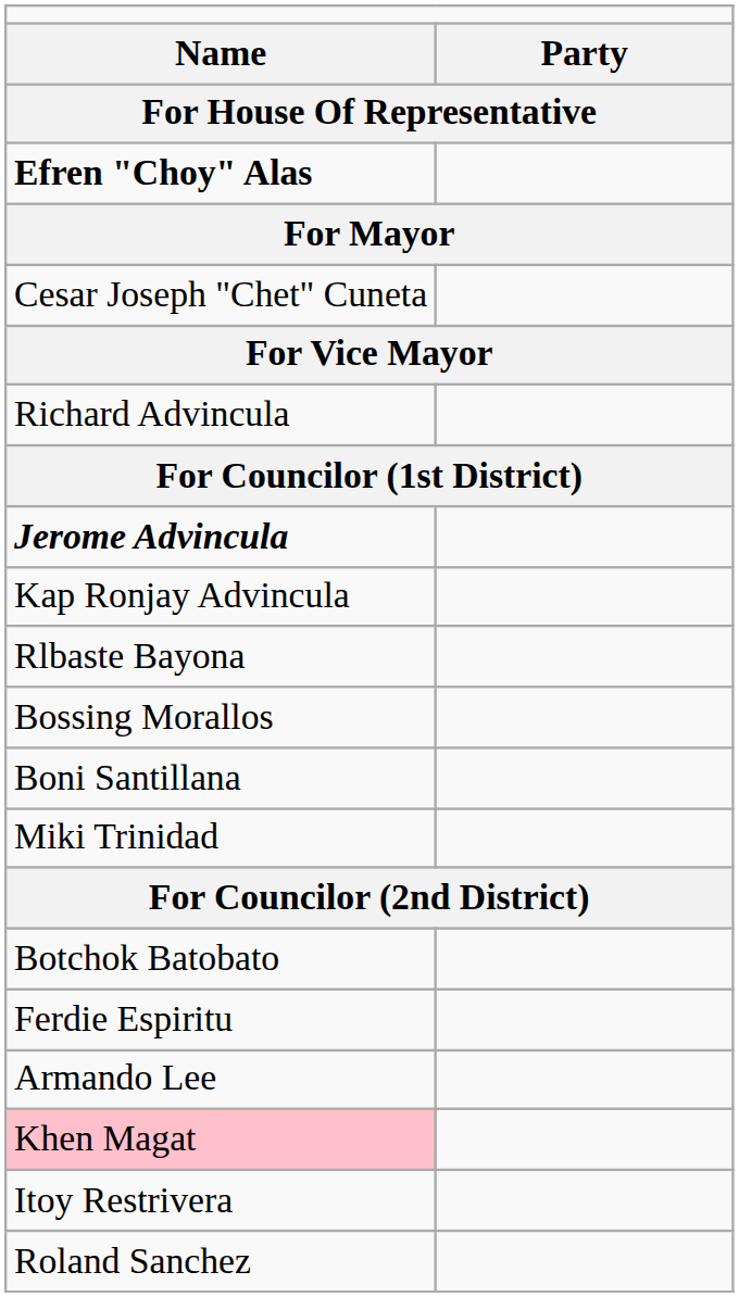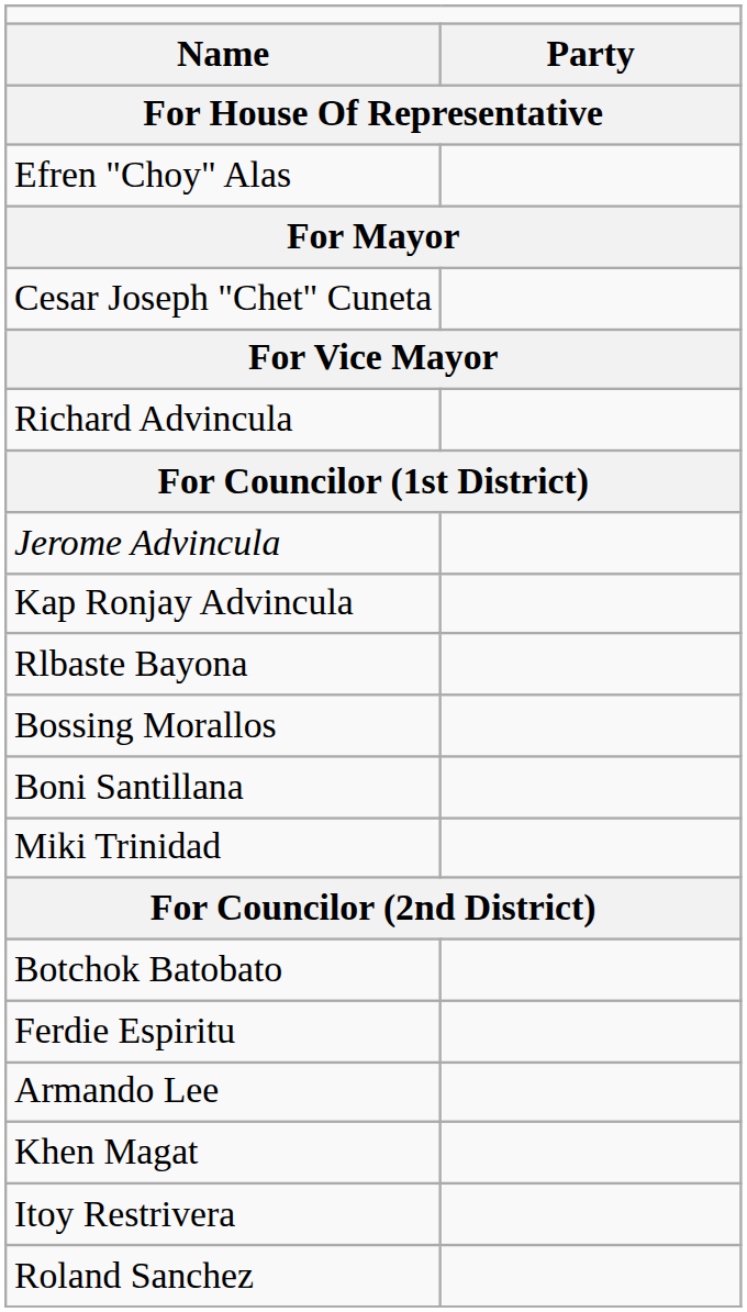 <table class="wikitable" style="font-size:90%">
 <tr>
 <td colspan="5" style="color:inherit;background:"></td>
 </tr>
 <tr>
 <th !width=150px>Name</th>
 <th colspan=2 width=110px>Party</th>
 </tr>
 <tr>
 <th colspan="3">For House Of Representative</th>
 </tr>
 <tr>
-<td><strong>Efren "Choy" Alas</strong></td>
+<td>Efren "Choy" Alas</td>
 <td></td>
 </tr>
 <tr>
 <th colspan="3">For Mayor</th>
 </tr>
 <tr>
 <td>Cesar Joseph "Chet" Cuneta</td>
 <td></td>
 </tr>
 <tr>
 <th colspan="3">For Vice Mayor</th>
 </tr>
 <tr>
 <td>Richard Advincula</td>
 <td></td>
 </tr>
 <tr>
 <th colspan="3">For Councilor (1st District)</th>
 </tr>
 <tr>
-<td><strong><em>Jerome Advincula</em></strong></td>
+<td><em>Jerome Advincula</em></td>
 <td></td>
 </tr>
 <tr>
 <td>Kap Ronjay Advincula</td>
 <td></td>
 </tr>
 <tr>
 <td>Rlbaste Bayona</td>
 <td></td>
 </tr>
 <tr>
 <td>Bossing Morallos</td>
 <td></td>
 </tr>
 <tr>
 <td>Boni Santillana</td>
 <td></td>
 </tr>
 <tr>
 <td>Miki Trinidad</td>
 <td></td>
 </tr>
 <tr>
 <th colspan="3">For Councilor (2nd District)</th>
 </tr>
 <tr>
 <td>Botchok Batobato</td>
 <td></td>
 </tr>
 <tr>
 <td>Ferdie Espiritu</td>
 <td></td>
 </tr>
 <tr>
 <td>Armando Lee</td>
 <td></td>
 </tr>
 <tr>
-<td style="background: pink;">Khen Magat</td>
+<td>Khen Magat</td>
 <td></td>
 </tr>
 <tr>
 <td>Itoy Restrivera</td>
 <td></td>
 </tr>
 <tr>
 <td>Roland Sanchez</td>
 <td></td>
 </tr>
 </table>
